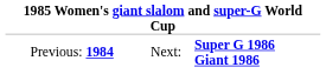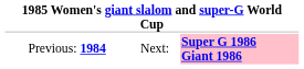 <table style="margin: 0 0 1em 1em; float:right; text-align:center; width: 23em;" class="toccolours">
 <tr>
 <td colspan="3" style="padding:0 1em;border-bottom:1px #aaa solid;"><strong>1985 Women's <a href='#'>giant slalom</a> and <a href='#'>super-G</a> World Cup</strong></td>
 </tr>
 <tr>
 <td rowspan=2>Previous: <strong><a href='#'>1984</a></strong></td>
 <td rowspan=2>Next:</td>
-<td align="left"><strong><a href='#'>Super G 1986</a></strong><br><strong><a href='#'>Giant 1986</a></strong></td>
+<td align="left" style="background: pink;"><strong><a href='#'>Super G 1986</a></strong><br><strong><a href='#'>Giant 1986</a></strong></td>
 </tr>
 </table>
